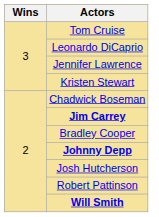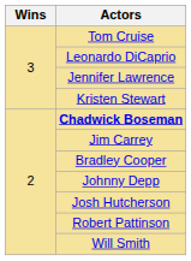 <table class="wikitable" rowspan=2 style="text-align: center; background: #f6e39c">
 <tr>
 <th scope="col" width="55">Wins</th>
 <th scope="col" align="center">Actors</th>
 </tr>
 <tr>
 <td rowspan=4 style="text-align:center">3</td>
 <td><a href='#'>Tom Cruise</a></td>
 </tr>
 <tr>
 <td><a href='#'>Leonardo DiCaprio</a></td>
 </tr>
 <tr>
 <td><a href='#'>Jennifer Lawrence</a></td>
 </tr>
 <tr>
 <td><a href='#'>Kristen Stewart</a></td>
 </tr>
 <tr>
 <td rowspan=7 style="text-align:center">2</td>
-<td><a href='#'>Chadwick Boseman</a></td>
+<td><strong><a href='#'>Chadwick Boseman</a></strong></td>
 </tr>
 <tr>
-<td><strong><a href='#'>Jim Carrey</a></strong></td>
+<td><a href='#'>Jim Carrey</a></td>
 </tr>
 <tr>
 <td><a href='#'>Bradley Cooper</a></td>
 </tr>
 <tr>
-<td><strong><a href='#'>Johnny Depp</a></strong></td>
+<td><a href='#'>Johnny Depp</a></td>
 </tr>
 <tr>
 <td><a href='#'>Josh Hutcherson</a></td>
 </tr>
 <tr>
 <td><a href='#'>Robert Pattinson</a></td>
 </tr>
 <tr>
-<td><strong><a href='#'>Will Smith</a></strong></td>
+<td><a href='#'>Will Smith</a></td>
 </tr>
 </table>
